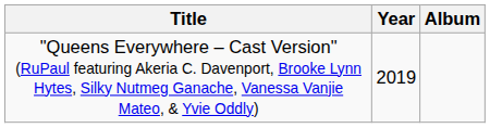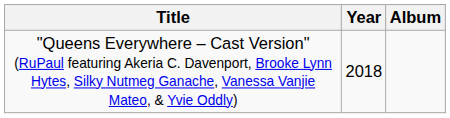 <table class="wikitable plainrowheaders" style="text-align:center;">
 <tr>
 <th style="width:20em;">Title</th>
 <th>Year</th>
 <th>Album</th>
 </tr>
 <tr>
 <td>"Queens Everywhere – Cast Version" <br><small>(<a href='#'>RuPaul</a> featuring Akeria C. Davenport, <a href='#'>Brooke Lynn Hytes</a>, <a href='#'>Silky Nutmeg Ganache</a>, <a href='#'>Vanessa Vanjie Mateo</a>, & <a href='#'>Yvie Oddly</a>)</small></td>
-<td>2019</td>
+<td>2018</td>
 <td></td>
 </tr>
 </table>
